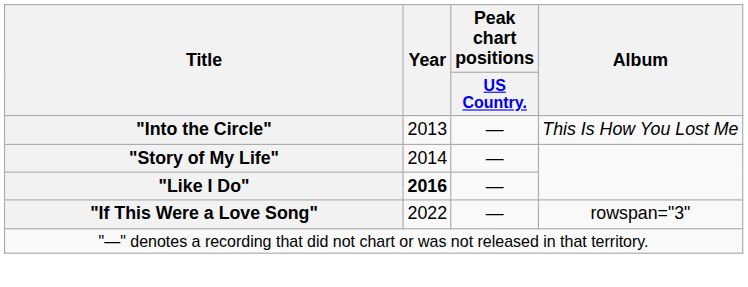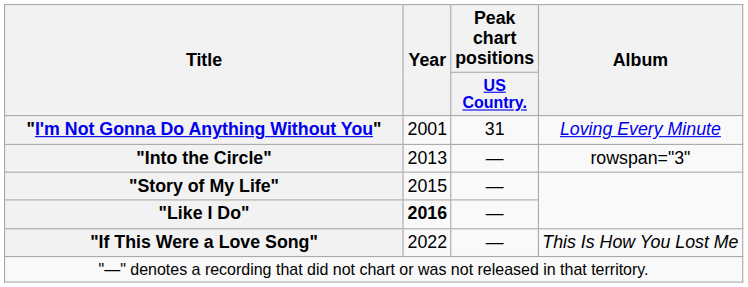 <table class="wikitable plainrowheaders" style="text-align:center;" border="1">
 <tr>
 <th scope="col" rowspan="2" style="width:22em;">Title</th>
 <th scope="col" rowspan="2">Year</th>
 <th scope="col" colspan="1">Peak chart positions</th>
 <th scope="col" rowspan="2">Album</th>
 </tr>
 <tr>
 <th scope="col" style="width:2em;font-size:90%;"><a href='#'>US<br>Country.</a><br></th>
 </tr>
 <tr>
+<th scope="row">"<a href='#'>I'm Not Gonna Do Anything Without You</a>"<br></th>
+<td>2001</td>
+<td>31</td>
+<td><em><a href='#'>Loving Every Minute</a></em></td>
+</tr>
+<tr>
 <th scope="row">"Into the Circle"<br></th>
 <td>2013</td>
 <td>—</td>
-<td><em>This Is How You Lost Me</em></td>
+<td>rowspan="3" </td>
 </tr>
 <tr>
 <th scope="row">"Story of My Life"<br></th>
-<td>2014</td>
+<td>2015</td>
 <td>—</td>
 </tr>
 <tr>
 <th scope="row">"Like I Do"<br></th>
 <td><strong>2016</strong></td>
 <td>—</td>
 </tr>
 <tr>
 <th scope="row">"If This Were a Love Song"<br></th>
 <td>2022</td>
 <td>—</td>
-<td>rowspan="3" </td>
+<td><em>This Is How You Lost Me</em></td>
 </tr>
 <tr>
 <td colspan="4" style="font-size:90%">"—" denotes a recording that did not chart or was not released in that territory.</td>
 </tr>
 </table>
